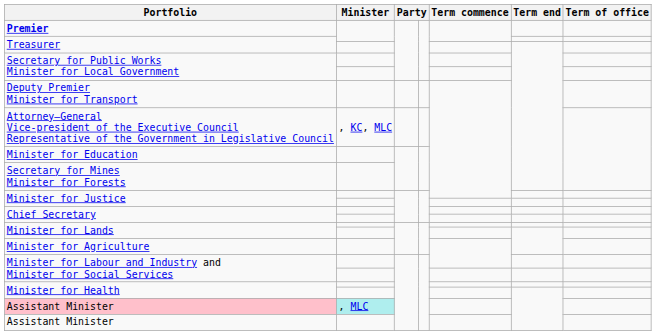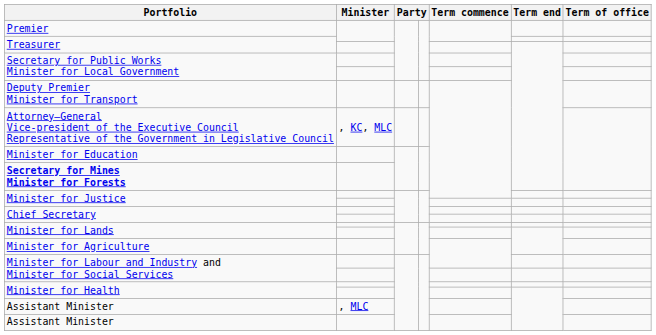 <table class="wikitable sortable">
 <tr>
 <th>Portfolio</th>
 <th>Minister</th>
 <th colspan=2>Party</th>
 <th>Term commence</th>
 <th>Term end</th>
 <th>Term of office</th>
 </tr>
 <tr>
-<td><strong><a href='#'>Premier</a></strong></td>
+<td><a href='#'>Premier</a></td>
 <td rowspan="2"></td>
 <td rowspan="5" > </td>
 <td rowspan="5"></td>
 <td rowspan="2" align="center"></td>
 <td align="center"></td>
 <td align="right"></td>
 </tr>
 <tr>
 <td rowspan="2"><a href='#'>Treasurer</a></td>
 <td align="center"></td>
 <td align="right"></td>
 </tr>
 <tr>
 <td></td>
 <td align="center"></td>
 <td rowspan="7" align="center"></td>
 <td align="right"></td>
 </tr>
 <tr>
 <td rowspan="2"><a href='#'>Secretary for Public Works</a><br><a href='#'>Minister for Local Government</a></td>
 <td></td>
 <td align="center"></td>
 <td align="right"></td>
 </tr>
 <tr>
 <td></td>
 <td align="center"></td>
 <td align="right"></td>
 </tr>
 <tr>
 <td><a href='#'>Deputy Premier</a><br><a href='#'>Minister for Transport</a></td>
 <td></td>
 <td> </td>
 <td></td>
 <td rowspan="5" align="center"></td>
 <td align="right"></td>
 </tr>
 <tr>
 <td><a href='#'>Attorney–General</a><br><a href='#'>Vice-president of the Executive Council</a><br><a href='#'>Representative of the Government in Legislative Council</a></td>
 <td>, <a href='#'>KC</a>, <a href='#'>MLC</a></td>
 <td> </td>
 <td></td>
 <td rowspan="3" align="right"></td>
 </tr>
 <tr>
 <td><a href='#'>Minister for Education</a></td>
 <td></td>
 <td rowspan="2" > </td>
 <td rowspan="2"></td>
 </tr>
 <tr>
-<td><a href='#'>Secretary for Mines</a><br><a href='#'>Minister for Forests</a></td>
+<td><strong><a href='#'>Secretary for Mines</a><br><a href='#'>Minister for Forests</a></strong></td>
 <td></td>
 </tr>
 <tr>
 <td rowspan="2"><a href='#'>Minister for Justice</a></td>
 <td></td>
 <td rowspan="4" > </td>
 <td rowspan="4"></td>
 <td align="center"></td>
 <td align="right"></td>
 </tr>
 <tr>
 <td></td>
 <td align="center"></td>
 <td align="center"></td>
 <td align="right"></td>
 </tr>
 <tr>
 <td rowspan="2"><a href='#'>Chief Secretary</a></td>
 <td></td>
 <td align="center"></td>
 <td align="center"></td>
 <td align="right"></td>
 </tr>
 <tr>
 <td></td>
 <td align="center"></td>
 <td align="center"></td>
 <td align="right"></td>
 </tr>
 <tr>
 <td rowspan="2"><a href='#'>Minister for Lands</a></td>
 <td></td>
 <td rowspan="3" > </td>
 <td rowspan="3"></td>
 <td align="center"></td>
 <td align="center"></td>
 <td align="right"></td>
 </tr>
 <tr>
 <td></td>
 <td align="center"></td>
 <td rowspan="2" align="center"></td>
 <td align="right"></td>
 </tr>
 <tr>
 <td><a href='#'>Minister for Agriculture</a></td>
 <td></td>
 <td rowspan="2" align="center"></td>
 <td align="right"></td>
 </tr>
 <tr>
 <td rowspan="2"><a href='#'>Minister for Labour and Industry</a> and<br><a href='#'>Minister for Social Services</a></td>
 <td></td>
 <td rowspan="6" > </td>
 <td rowspan="6"></td>
 <td align="center"></td>
 <td align="right"></td>
 </tr>
 <tr>
 <td></td>
 <td align="center"></td>
 <td align="center"></td>
 <td align="right"></td>
 </tr>
 <tr>
 <td rowspan="2"><a href='#'>Minister for Health</a></td>
 <td></td>
 <td align="center"></td>
 <td align="center"></td>
 <td align="right"></td>
 </tr>
 <tr>
 <td></td>
 <td align="center"></td>
 <td rowspan="3" align="center"></td>
 <td align="right"></td>
 </tr>
 <tr>
-<td style="background: pink;">Assistant Minister</td>
-<td style="background: paleturquoise;">, <a href='#'>MLC</a></td>
+<td>Assistant Minister</td>
+<td>, <a href='#'>MLC</a></td>
 <td align="center"></td>
 <td align="right"></td>
 </tr>
 <tr>
 <td>Assistant Minister</td>
 <td></td>
 <td align="center"></td>
 <td align="right"></td>
 </tr>
 </table>
